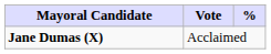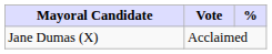 <table class="wikitable">
 <tr>
 <th style="background:#ddf; width:200px;">Mayoral Candidate </th>
 <th style="background:#ddf; width:50px;">Vote</th>
 <th style="background:#ddf; width:30px;">%</th>
 </tr>
 <tr>
-<td><strong>Jane Dumas (X)</strong></td>
+<td>Jane Dumas (X)</td>
 <td colspan="2">Acclaimed</td>
 </tr>
 </table>
